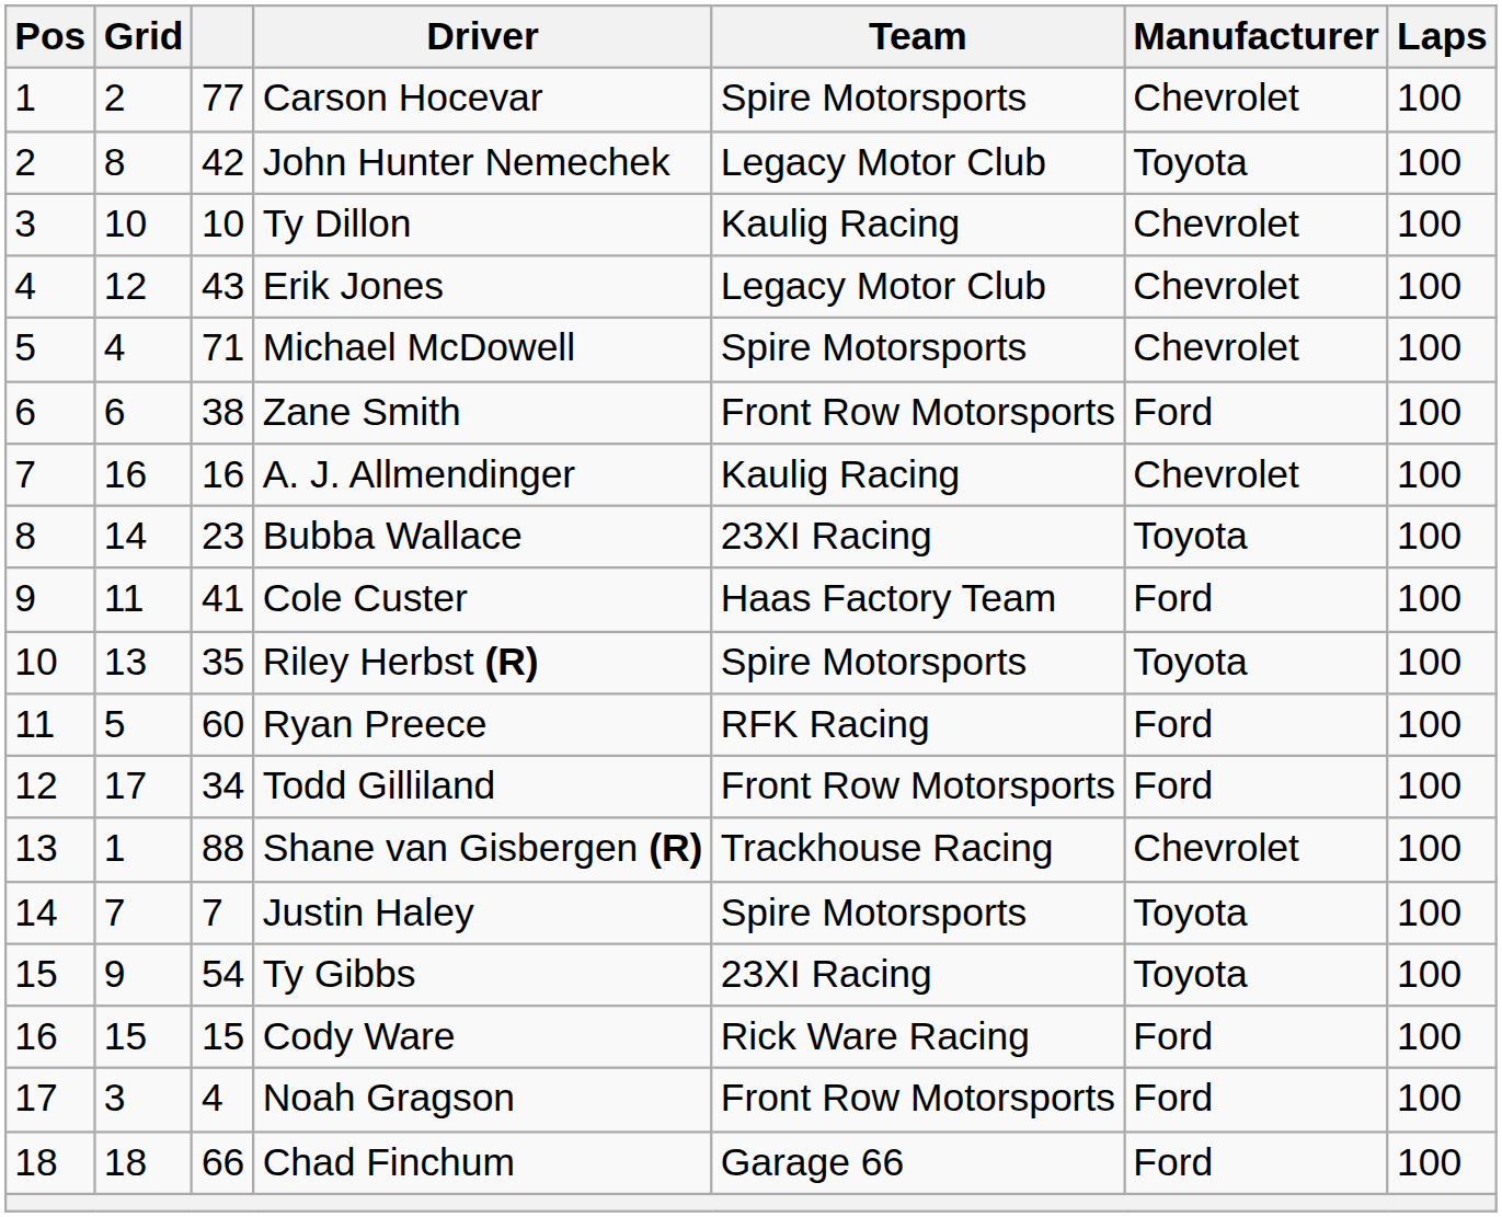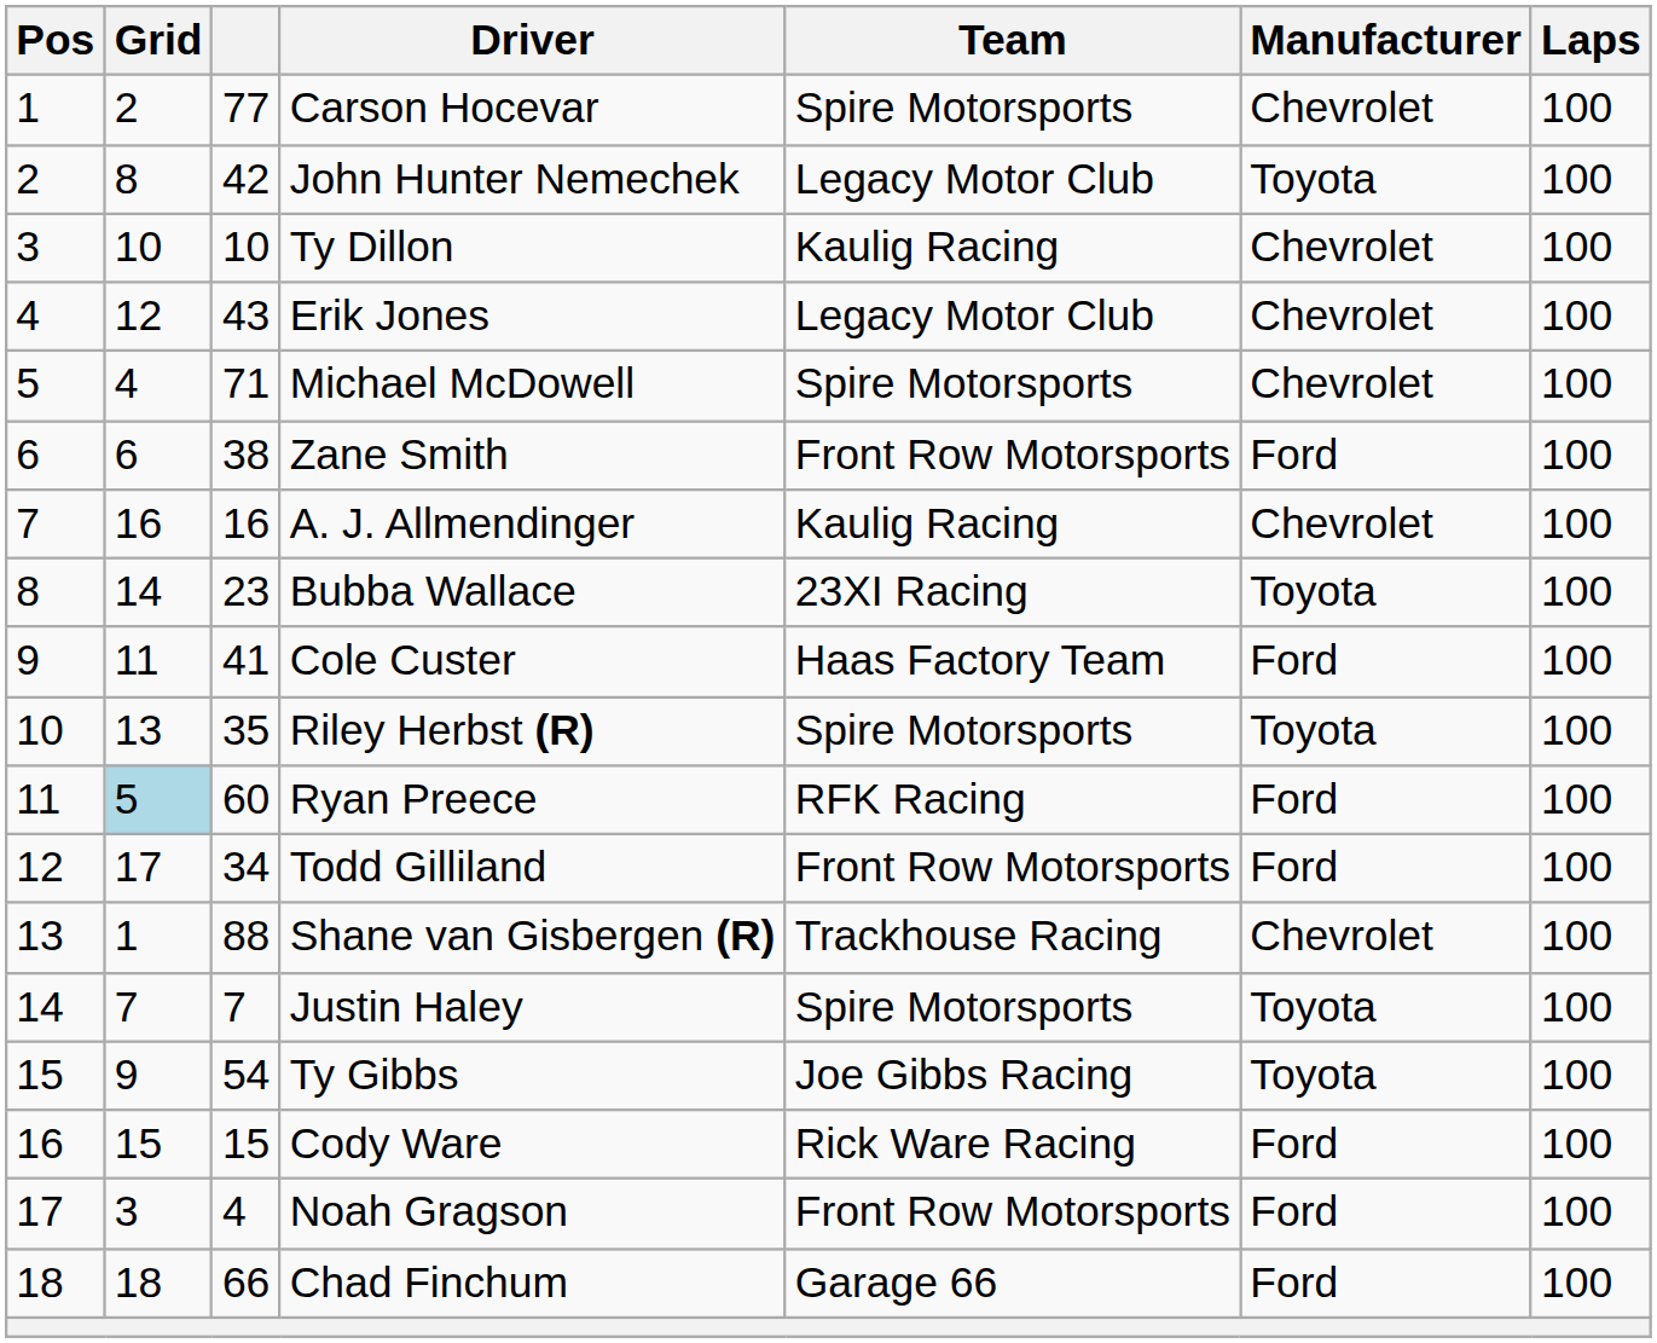 <table class="wikitable" style="font-size:98%">
 <tr>
 <th>Pos</th>
 <th>Grid</th>
 <th></th>
 <th>Driver</th>
 <th>Team</th>
 <th>Manufacturer</th>
 <th>Laps</th>
 </tr>
 <tr>
 <td>1</td>
 <td>2</td>
 <td>77</td>
 <td>Carson Hocevar</td>
 <td>Spire Motorsports</td>
 <td>Chevrolet</td>
 <td>100</td>
 </tr>
 <tr>
 <td>2</td>
 <td>8</td>
 <td>42</td>
 <td>John Hunter Nemechek</td>
 <td>Legacy Motor Club</td>
 <td>Toyota</td>
 <td>100</td>
 </tr>
 <tr>
 <td>3</td>
 <td>10</td>
 <td>10</td>
 <td>Ty Dillon</td>
 <td>Kaulig Racing</td>
 <td>Chevrolet</td>
 <td>100</td>
 </tr>
 <tr>
 <td>4</td>
 <td>12</td>
 <td>43</td>
 <td>Erik Jones</td>
 <td>Legacy Motor Club</td>
 <td>Chevrolet</td>
 <td>100</td>
 </tr>
 <tr>
 <td>5</td>
 <td>4</td>
 <td>71</td>
 <td>Michael McDowell</td>
 <td>Spire Motorsports</td>
 <td>Chevrolet</td>
 <td>100</td>
 </tr>
 <tr>
 <td>6</td>
 <td>6</td>
 <td>38</td>
 <td>Zane Smith</td>
 <td>Front Row Motorsports</td>
 <td>Ford</td>
 <td>100</td>
 </tr>
 <tr>
 <td>7</td>
 <td>16</td>
 <td>16</td>
 <td>A. J. Allmendinger</td>
 <td>Kaulig Racing</td>
 <td>Chevrolet</td>
 <td>100</td>
 </tr>
 <tr>
 <td>8</td>
 <td>14</td>
 <td>23</td>
 <td>Bubba Wallace</td>
 <td>23XI Racing</td>
 <td>Toyota</td>
 <td>100</td>
 </tr>
 <tr>
 <td>9</td>
 <td>11</td>
 <td>41</td>
 <td>Cole Custer</td>
 <td>Haas Factory Team</td>
 <td>Ford</td>
 <td>100</td>
 </tr>
 <tr>
 <td>10</td>
 <td>13</td>
 <td>35</td>
 <td>Riley Herbst <strong>(R)</strong></td>
 <td>Spire Motorsports</td>
 <td>Toyota</td>
 <td>100</td>
 </tr>
 <tr>
 <td>11</td>
-<td>5</td>
+<td style="background: lightblue;">5</td>
 <td>60</td>
 <td>Ryan Preece</td>
 <td>RFK Racing</td>
 <td>Ford</td>
 <td>100</td>
 </tr>
 <tr>
 <td>12</td>
 <td>17</td>
 <td>34</td>
 <td>Todd Gilliland</td>
 <td>Front Row Motorsports</td>
 <td>Ford</td>
 <td>100</td>
 </tr>
 <tr>
 <td>13</td>
 <td>1</td>
 <td>88</td>
 <td>Shane van Gisbergen <strong>(R)</strong></td>
 <td>Trackhouse Racing</td>
 <td>Chevrolet</td>
 <td>100</td>
 </tr>
 <tr>
 <td>14</td>
 <td>7</td>
 <td>7</td>
 <td>Justin Haley</td>
 <td>Spire Motorsports</td>
 <td>Toyota</td>
 <td>100</td>
 </tr>
 <tr>
 <td>15</td>
 <td>9</td>
 <td>54</td>
 <td>Ty Gibbs</td>
-<td>23XI Racing</td>
+<td>Joe Gibbs Racing</td>
 <td>Toyota</td>
 <td>100</td>
 </tr>
 <tr>
 <td>16</td>
 <td>15</td>
 <td>15</td>
 <td>Cody Ware</td>
 <td>Rick Ware Racing</td>
 <td>Ford</td>
 <td>100</td>
 </tr>
 <tr>
 <td>17</td>
 <td>3</td>
 <td>4</td>
 <td>Noah Gragson</td>
 <td>Front Row Motorsports</td>
 <td>Ford</td>
 <td>100</td>
 </tr>
 <tr>
 <td>18</td>
 <td>18</td>
 <td>66</td>
 <td>Chad Finchum</td>
 <td>Garage 66</td>
 <td>Ford</td>
 <td>100</td>
 </tr>
 <tr>
 <th colspan="7"></th>
 </tr>
 </table>
